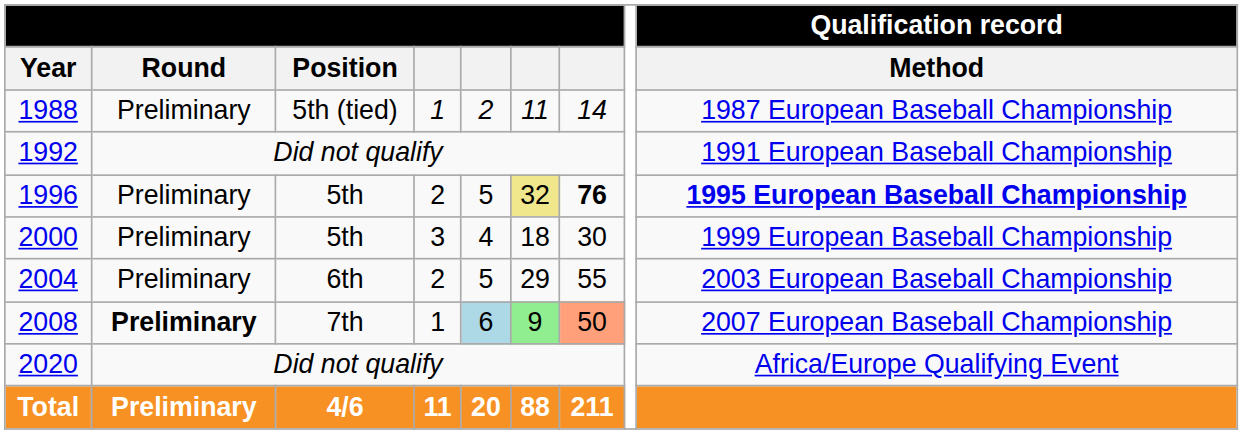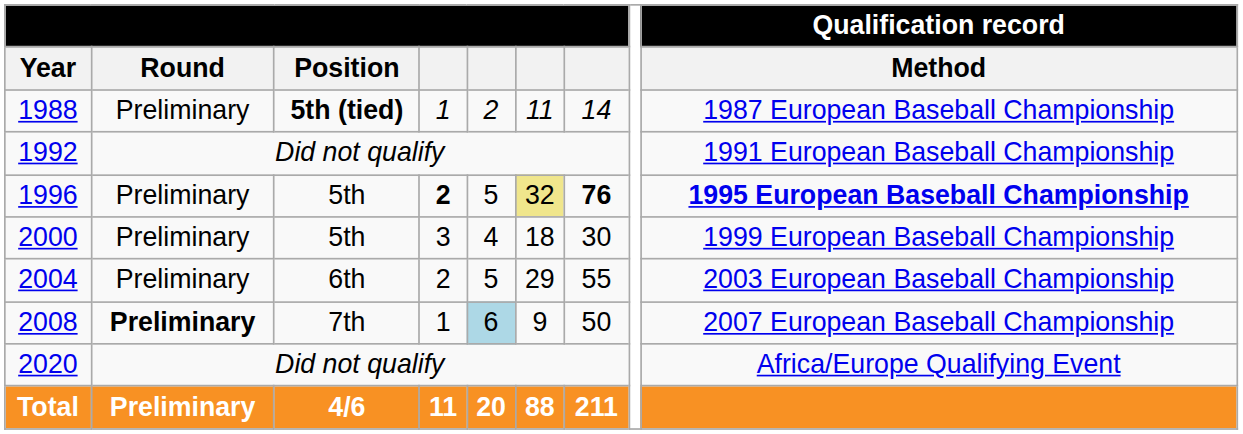 <table class="wikitable" style="text-align: center;">
 <tr>
 <th style="background:black;" colspan="7"><a href='#'></a> </th>
 <th style="background:white; width:1%;" rowspan="10"></th>
 <th style="background:black; color:#FFFFFF;" colspan="5">Qualification record</th>
 </tr>
 <tr>
 <th>Year</th>
 <th>Round</th>
 <th>Position</th>
 <th></th>
 <th></th>
 <th></th>
 <th></th>
 <th>Method</th>
 </tr>
 <tr>
 <td> <a href='#'>1988</a></td>
 <td>Preliminary</td>
-<td>5th (tied)</td>
+<td><strong>5th (tied)</strong></td>
 <td><em>1</em></td>
 <td><em>2</em></td>
 <td><em>11</em></td>
 <td><em>14</em></td>
 <td> <a href='#'>1987 European Baseball Championship</a></td>
 </tr>
 <tr>
 <td> <a href='#'>1992</a></td>
 <td colspan=6 align=center><em>Did not qualify</em></td>
 <td> <a href='#'>1991 European Baseball Championship</a></td>
 </tr>
 <tr>
 <td> <a href='#'>1996</a></td>
 <td>Preliminary</td>
 <td>5th</td>
-<td>2</td>
+<td><strong>2</strong></td>
 <td>5</td>
 <td style="background: khaki;">32</td>
 <td><strong>76</strong></td>
 <td><strong> <a href='#'>1995 European Baseball Championship</a></strong></td>
 </tr>
 <tr>
 <td> <a href='#'>2000</a></td>
 <td>Preliminary</td>
 <td>5th</td>
 <td>3</td>
 <td>4</td>
 <td>18</td>
 <td>30</td>
 <td> <a href='#'>1999 European Baseball Championship</a></td>
 </tr>
 <tr>
 <td> <a href='#'>2004</a></td>
 <td>Preliminary</td>
 <td>6th</td>
 <td>2</td>
 <td>5</td>
 <td>29</td>
 <td>55</td>
 <td> <a href='#'>2003 European Baseball Championship</a></td>
 </tr>
 <tr>
 <td> <a href='#'>2008</a></td>
 <td><strong>Preliminary</strong></td>
 <td>7th</td>
 <td>1</td>
 <td style="background: lightblue;">6</td>
-<td style="background: lightgreen;">9</td>
-<td style="background: lightsalmon;">50</td>
+<td>9</td>
+<td>50</td>
 <td> <a href='#'>2007 European Baseball Championship</a></td>
 </tr>
 <tr>
 <td> <a href='#'>2020</a></td>
 <td colspan=6 align=center><em>Did not qualify</em></td>
 <td> <a href='#'>Africa/Europe Qualifying Event</a></td>
 </tr>
 <tr>
 <th style="color:white; background:#F89123;">Total</th>
 <th style="color:white; background:#F89123;">Preliminary</th>
 <th style="color:white; background:#F89123;">4/6</th>
 <th style="color:white; background:#F89123;">11</th>
 <th style="color:white; background:#F89123;">20</th>
 <th style="color:white; background:#F89123;">88</th>
 <th style="color:white; background:#F89123;">211</th>
 <th style="color:white; background:#F89123;"></th>
 </tr>
 </table>
